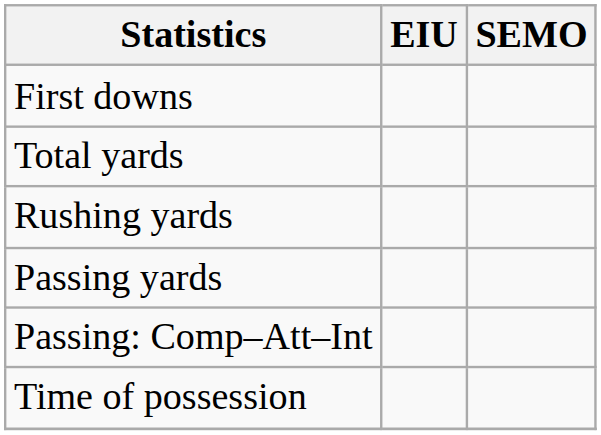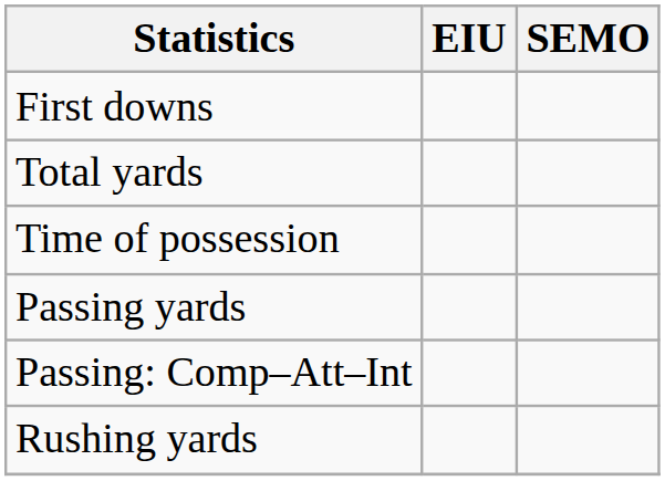 <table class="wikitable" style="float: left;">
 <tr>
 <th>Statistics</th>
 <th>EIU</th>
 <th>SEMO</th>
 </tr>
 <tr>
 <td>First downs</td>
 <td></td>
 <td></td>
 </tr>
 <tr>
 <td>Total yards</td>
 <td></td>
 <td></td>
 </tr>
 <tr>
-<td>Rushing yards</td>
+<td>Time of possession</td>
 <td></td>
 <td></td>
 </tr>
 <tr>
 <td>Passing yards</td>
 <td></td>
 <td></td>
 </tr>
 <tr>
 <td>Passing: Comp–Att–Int</td>
 <td></td>
 <td></td>
 </tr>
 <tr>
-<td>Time of possession</td>
+<td>Rushing yards</td>
 <td></td>
 <td></td>
 </tr>
 <tr>
 </tr>
 </table>
